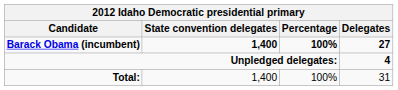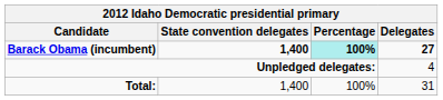 <table class="wikitable">
 <tr>
 <th colspan="4">2012 Idaho Democratic presidential primary</th>
 </tr>
 <tr>
 <th>Candidate</th>
 <th>State convention delegates</th>
 <th>Percentage</th>
 <th>Delegates</th>
 </tr>
 <tr align="right" >
 <td align="left"><strong><a href='#'>Barack Obama</a></strong> <strong>(incumbent)</strong></td>
 <td><strong>1,400</strong></td>
-<td><strong>100%</strong></td>
+<td style="background: paleturquoise;"><strong>100%</strong></td>
 <td><strong>27</strong></td>
 </tr>
 <tr align="right">
 <td colspan="3"><strong>Unpledged delegates:</strong></td>
-<td><strong>4</strong></td>
+<td>4</td>
 </tr>
 <tr align="right">
 <td><strong>Total:</strong></td>
 <td>1,400</td>
 <td>100%</td>
 <td>31</td>
 </tr>
 </table>
